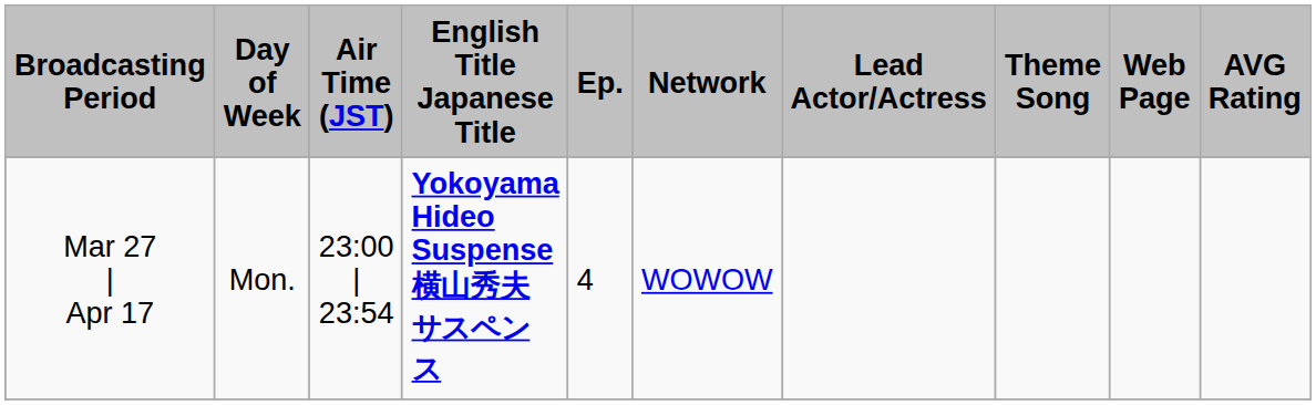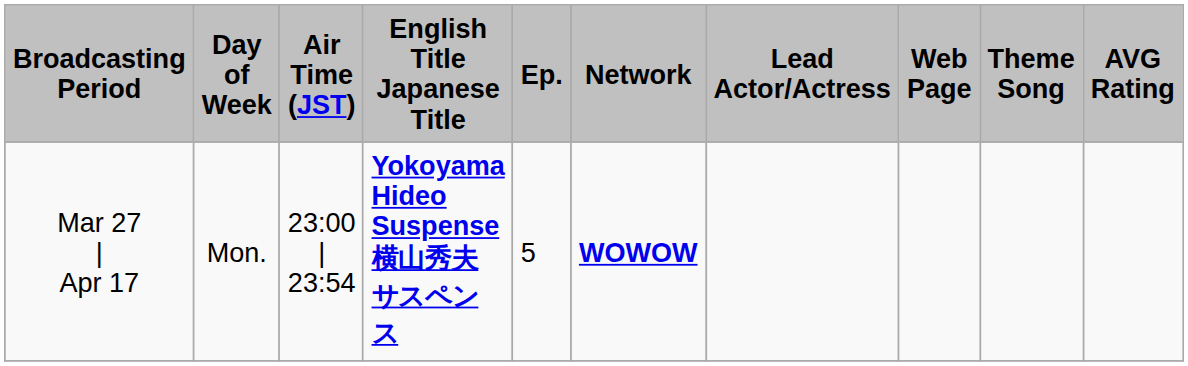 <table border="1"  cellpadding="4" cellspacing="0" style="margin: 1em 1em 1em 0; background: #F9F9F9; border: 1px #AAA solid; border-collapse: collapse; font-size: 95%;">
 <tr>
 <th align=center width=7% bgcolor="silver">Broadcasting<br>Period</th>
 <th align=center width=2% bgcolor="silver">Day<br>of<br>Week</th>
 <th align=center width=7% bgcolor="silver">Air Time<br>(<a href='#'>JST</a>)</th>
 <th align=center width=33% bgcolor="silver">English Title<br>Japanese Title</th>
 <th align=center width=3% bgcolor="silver">Ep.</th>
 <th align=center width=4% bgcolor="silver">Network</th>
 <th align=center width=22% bgcolor="silver">Lead Actor/Actress</th>
+<th align=center width=5% bgcolor="silver">Web<br>Page</th>
 <th align=center width=12% bgcolor="silver">Theme<br>Song</th>
-<th align=center width=5% bgcolor="silver">Web<br>Page</th>
 <th align=center width=5% bgcolor="silver">AVG<br>Rating</th>
 </tr>
 <tr>
 <td align=center>Mar 27 <br>  | <br> Apr 17  <br></td>
 <td align=center>Mon.</td>
 <td align=center>23:00 <br> | <br> 23:54</td>
 <td><strong><a href='#'>Yokoyama Hideo Suspense</a> <br><a href='#'>横山秀夫サスペンス</a></strong></td>
-<td>4</td>
-<td><a href='#'>WOWOW</a></td>
+<td>5</td>
+<td><strong><a href='#'>WOWOW</a></strong></td>
 <td></td>
 <td></td>
 <td></td>
 <td></td>
 </tr>
 </table>
